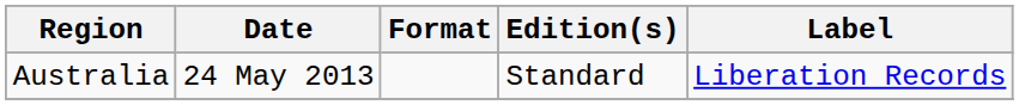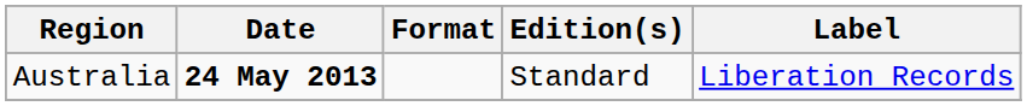 <table class="wikitable plainrowheaders">
 <tr>
 <th scope="col">Region</th>
 <th scope="col">Date</th>
 <th scope="col">Format</th>
 <th scope="col">Edition(s)</th>
 <th scope="col">Label</th>
 </tr>
 <tr>
 <td>Australia</td>
-<td>24 May 2013</td>
+<td><strong>24 May 2013</strong></td>
 <td></td>
 <td>Standard</td>
 <td><a href='#'>Liberation Records</a></td>
 </tr>
 <tr>
 </tr>
 </table>
